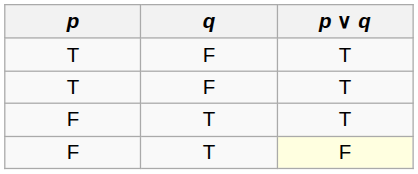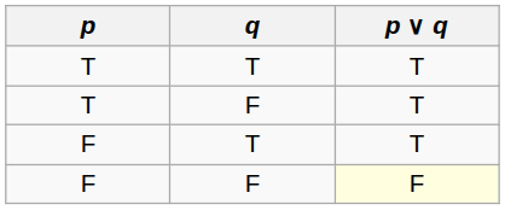 <table class="wikitable" style="margin:1em auto; text-align:center;">
 <tr>
 <th style="width:15%"><em>p</em></th>
 <th style="width:15%"><em>q</em></th>
 <th style="width:15%"><em>p</em> ∨ <em>q</em></th>
 </tr>
 <tr>
 <td>T</td>
-<td>F</td>
+<td>T</td>
 <td>T</td>
 </tr>
 <tr>
 <td>T</td>
 <td>F</td>
 <td>T</td>
 </tr>
 <tr>
 <td>F</td>
 <td>T</td>
 <td>T</td>
 </tr>
 <tr>
 <td>F</td>
-<td>T</td>
+<td>F</td>
 <td style="background: lightyellow;">F</td>
 </tr>
 </table>
